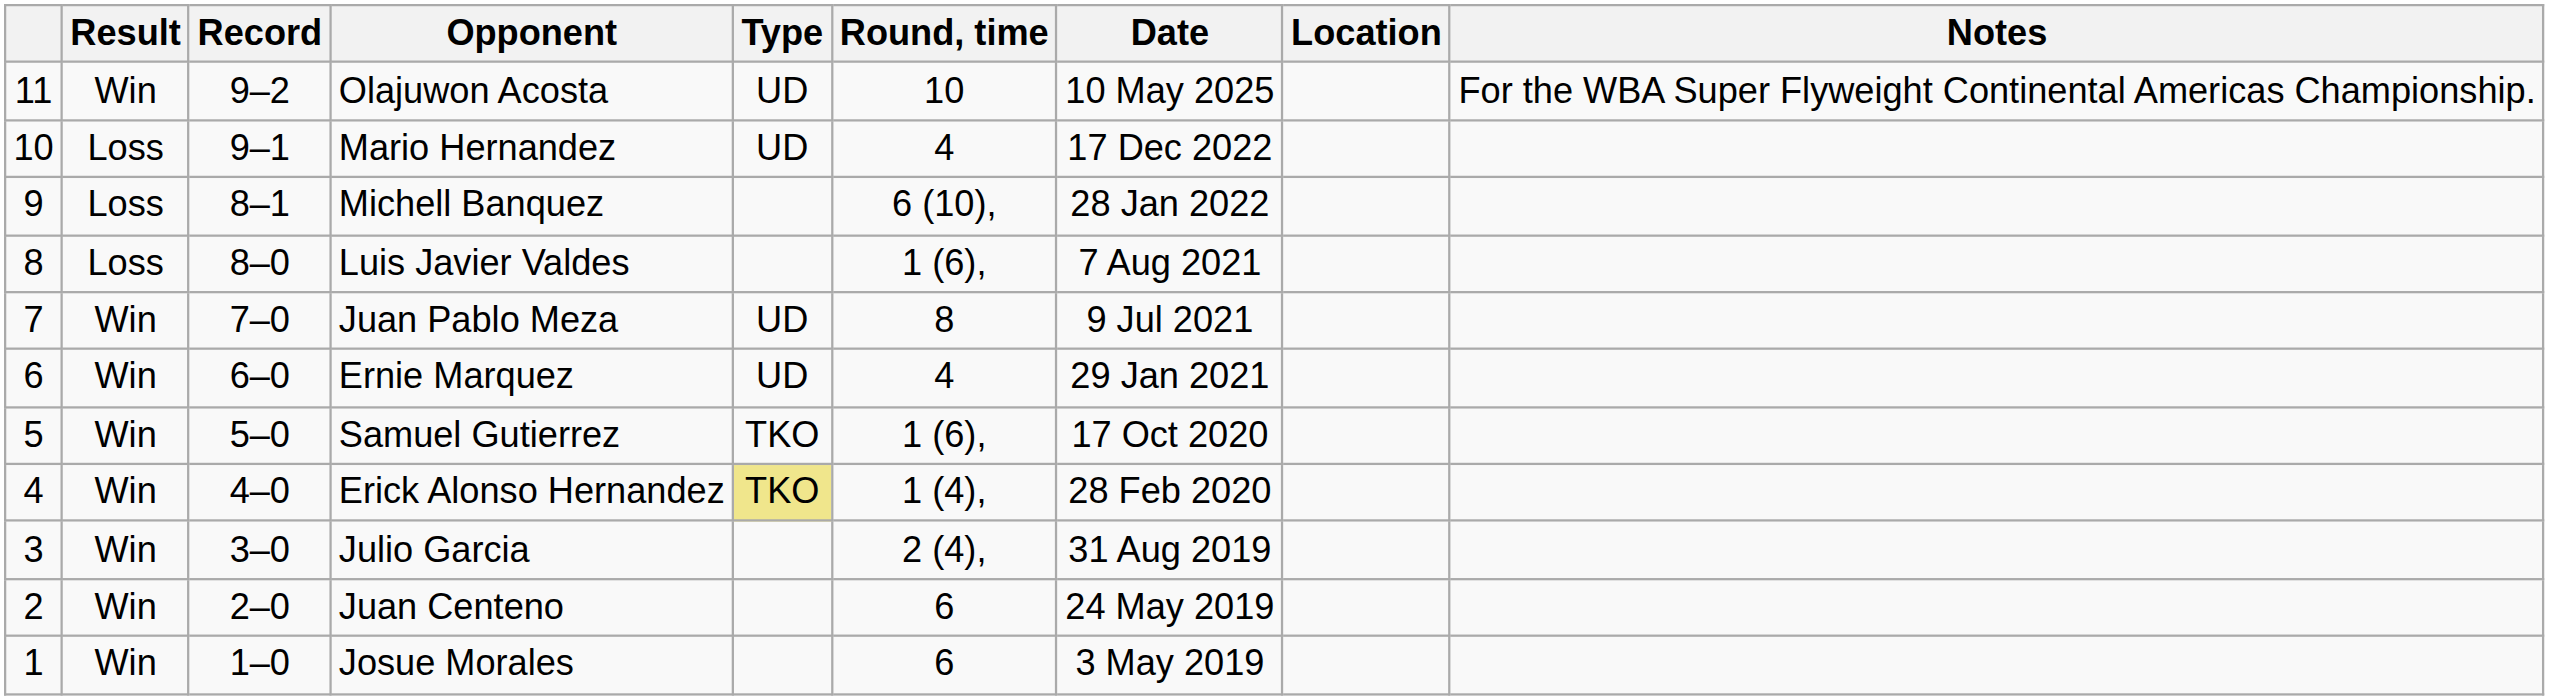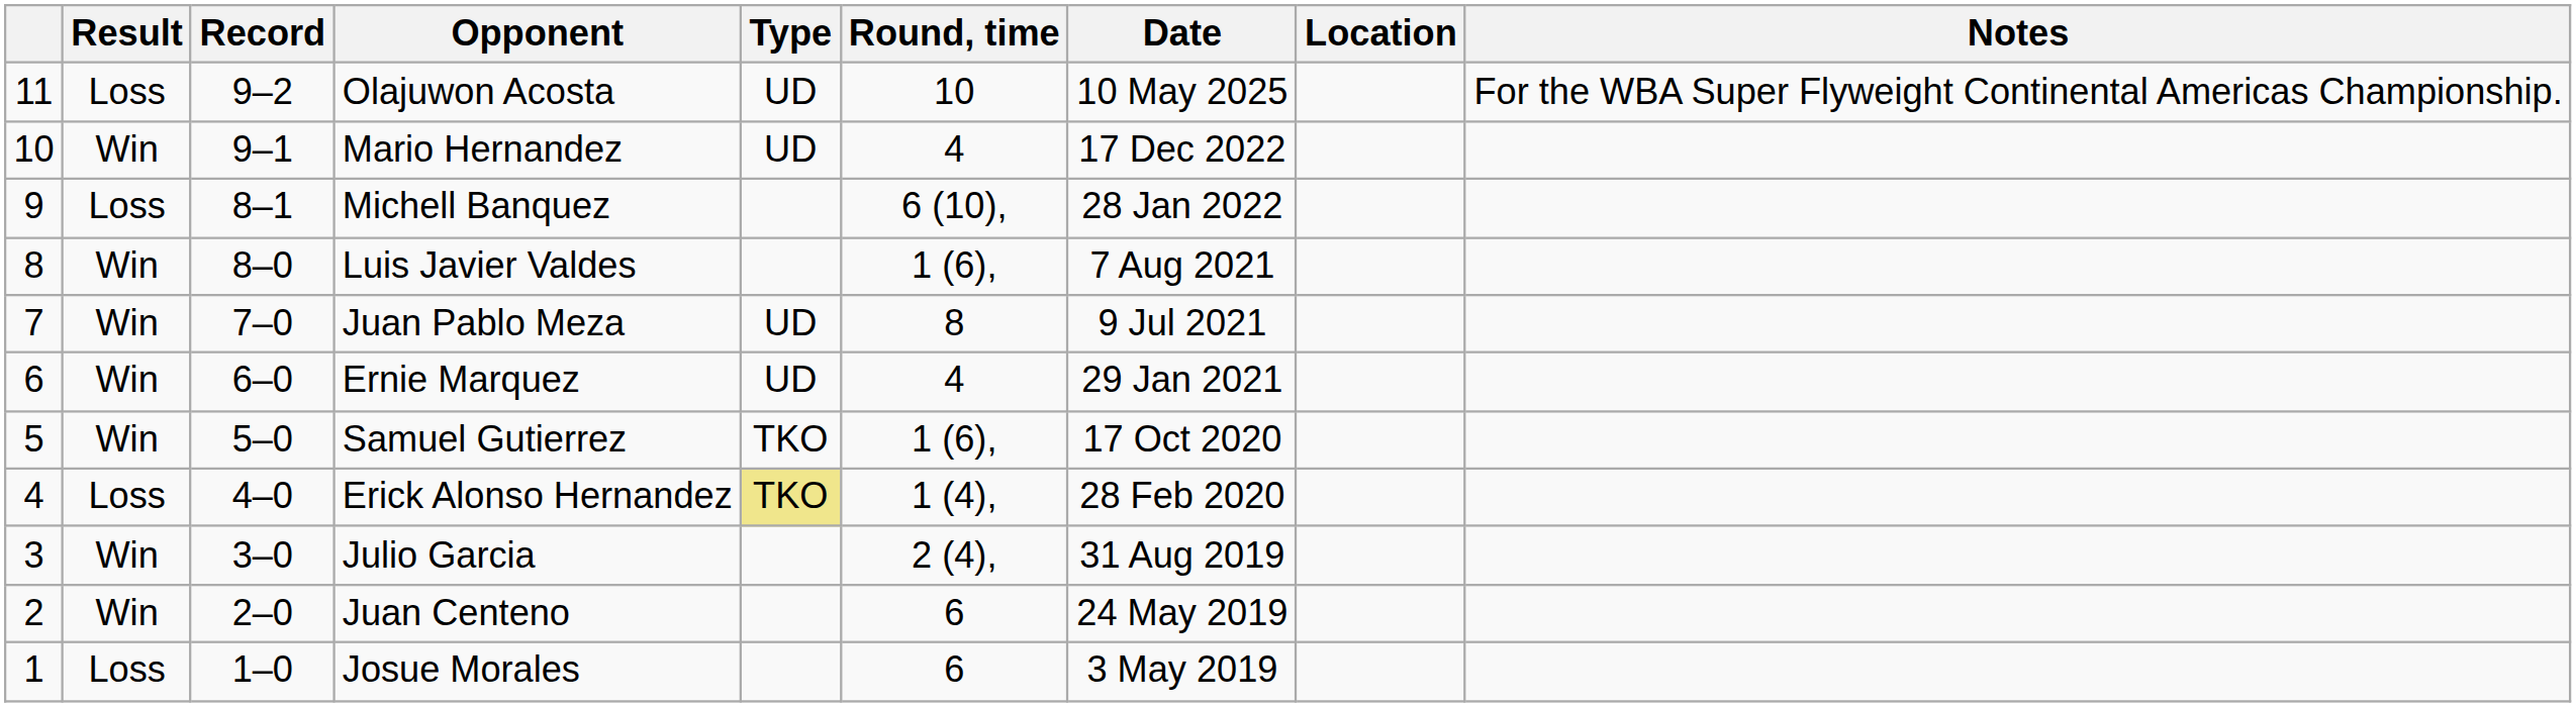 <table class="wikitable" style="text-align:center;">
 <tr>
 <th></th>
 <th>Result</th>
 <th>Record</th>
 <th>Opponent</th>
 <th>Type</th>
 <th>Round, time</th>
 <th>Date</th>
 <th>Location</th>
 <th>Notes</th>
 </tr>
 <tr>
 <td>11</td>
-<td>Win</td>
+<td>Loss</td>
 <td>9–2</td>
 <td style="text-align:left;"> Olajuwon Acosta</td>
 <td>UD</td>
 <td>10</td>
 <td>10 May 2025</td>
 <td style="text-align:left;"> </td>
 <td>For the WBA Super Flyweight Continental Americas Championship.</td>
 </tr>
 <tr>
 <td>10</td>
-<td>Loss</td>
+<td>Win</td>
 <td>9–1</td>
 <td style="text-align:left;"> Mario Hernandez</td>
 <td>UD</td>
 <td>4</td>
 <td>17 Dec 2022</td>
 <td style="text-align:left;"> </td>
 <td></td>
 </tr>
 <tr>
 <td>9</td>
 <td>Loss</td>
 <td>8–1</td>
 <td style="text-align:left;"> Michell Banquez</td>
 <td></td>
 <td>6 (10), </td>
 <td>28 Jan 2022</td>
 <td style="text-align:left;"> </td>
 <td></td>
 </tr>
 <tr>
 <td>8</td>
-<td>Loss</td>
+<td>Win</td>
 <td>8–0</td>
 <td style="text-align:left;"> Luis Javier Valdes</td>
 <td></td>
 <td>1 (6), </td>
 <td>7 Aug 2021</td>
 <td style="text-align:left;"> </td>
 <td></td>
 </tr>
 <tr>
 <td>7</td>
 <td>Win</td>
 <td>7–0</td>
 <td style="text-align:left;"> Juan Pablo Meza</td>
 <td>UD</td>
 <td>8</td>
 <td>9 Jul 2021</td>
 <td style="text-align:left;"> </td>
 <td></td>
 </tr>
 <tr>
 <td>6</td>
 <td>Win</td>
 <td>6–0</td>
 <td style="text-align:left;"> Ernie Marquez</td>
 <td>UD</td>
 <td>4</td>
 <td>29 Jan 2021</td>
 <td style="text-align:left;"> </td>
 <td></td>
 </tr>
 <tr>
 <td>5</td>
 <td>Win</td>
 <td>5–0</td>
 <td style="text-align:left;"> Samuel Gutierrez</td>
 <td>TKO</td>
 <td>1 (6), </td>
 <td>17 Oct 2020</td>
 <td style="text-align:left;"> </td>
 <td></td>
 </tr>
 <tr>
 <td>4</td>
-<td>Win</td>
+<td>Loss</td>
 <td>4–0</td>
 <td style="text-align:left;"> Erick Alonso Hernandez</td>
 <td style="background: khaki;">TKO</td>
 <td>1 (4), </td>
 <td>28 Feb 2020</td>
 <td style="text-align:left;"> </td>
 <td></td>
 </tr>
 <tr>
 <td>3</td>
 <td>Win</td>
 <td>3–0</td>
 <td style="text-align:left;"> Julio Garcia</td>
 <td></td>
 <td>2 (4), </td>
 <td>31 Aug 2019</td>
 <td style="text-align:left;"> </td>
 <td></td>
 </tr>
 <tr>
 <td>2</td>
 <td>Win</td>
 <td>2–0</td>
 <td style="text-align:left;"> Juan Centeno</td>
 <td></td>
 <td>6</td>
 <td>24 May 2019</td>
 <td style="text-align:left;"> </td>
 <td></td>
 </tr>
 <tr>
 <td>1</td>
-<td>Win</td>
+<td>Loss</td>
 <td>1–0</td>
 <td style="text-align:left;"> Josue Morales</td>
 <td></td>
 <td>6</td>
 <td>3 May 2019</td>
 <td style="text-align:left;"> </td>
 <td></td>
 </tr>
 </table>
